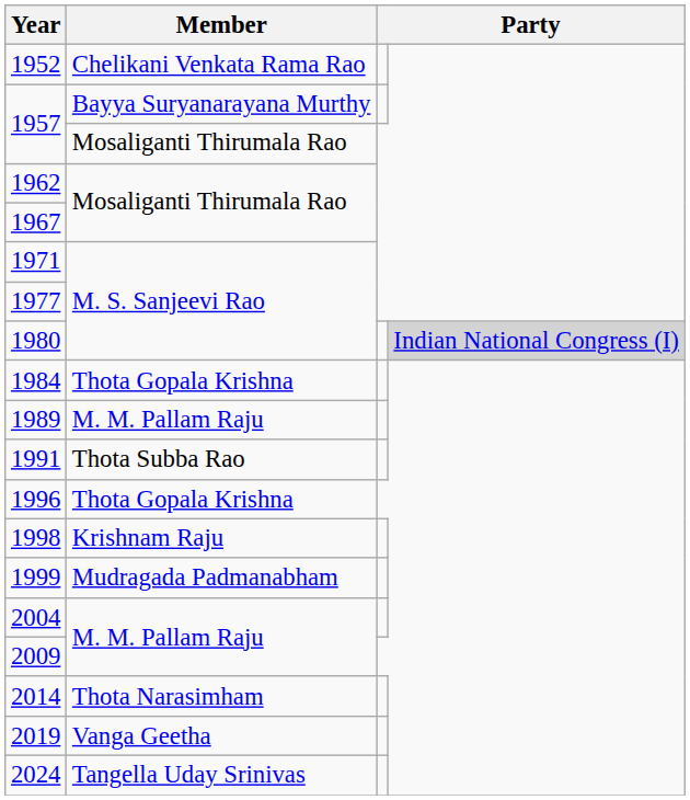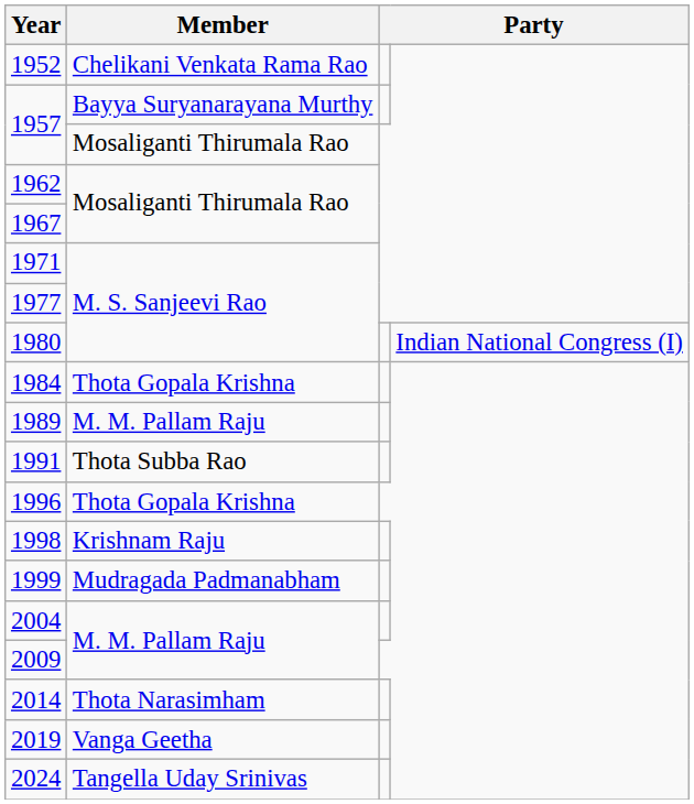 <table class="wikitable sortable">
 <tr>
 <th>Year</th>
 <th>Member</th>
 <th colspan="2">Party</th>
 </tr>
 <tr>
 <td><a href='#'>1952</a></td>
 <td><a href='#'>Chelikani Venkata Rama Rao</a></td>
 <td></td>
 </tr>
 <tr>
 <td rowspan="2"><a href='#'>1957</a></td>
 <td><a href='#'>Bayya Suryanarayana Murthy</a></td>
 <td></td>
 </tr>
 <tr>
 <td>Mosaliganti Thirumala Rao</td>
 </tr>
 <tr>
 <td><a href='#'>1962</a></td>
 <td rowspan="2">Mosaliganti Thirumala Rao</td>
 </tr>
 <tr>
 <td><a href='#'>1967</a></td>
 </tr>
 <tr>
 <td><a href='#'>1971</a></td>
 <td rowspan="3"><a href='#'>M. S. Sanjeevi Rao</a></td>
 </tr>
 <tr>
 <td><a href='#'>1977</a></td>
 </tr>
 <tr>
 <td><a href='#'>1980</a></td>
 <td style="background-color: "></td>
-<td style="background: lightgrey;"><a href='#'>Indian National Congress (I)</a></td>
+<td><a href='#'>Indian National Congress (I)</a></td>
 </tr>
 <tr>
 <td><a href='#'>1984</a></td>
 <td><a href='#'>Thota Gopala Krishna</a></td>
 <td></td>
 </tr>
 <tr>
 <td><a href='#'>1989</a></td>
 <td><a href='#'>M. M. Pallam Raju</a></td>
 <td></td>
 </tr>
 <tr>
 <td><a href='#'>1991</a></td>
 <td>Thota Subba Rao</td>
 <td></td>
 </tr>
 <tr>
 <td><a href='#'>1996</a></td>
 <td><a href='#'>Thota Gopala Krishna</a></td>
 </tr>
 <tr>
 <td><a href='#'>1998</a></td>
 <td><a href='#'>Krishnam Raju</a></td>
 <td></td>
 </tr>
 <tr>
 <td><a href='#'>1999</a></td>
 <td><a href='#'>Mudragada Padmanabham</a></td>
 <td></td>
 </tr>
 <tr>
 <td><a href='#'>2004</a></td>
 <td rowspan="2"><a href='#'>M. M. Pallam Raju</a></td>
 <td></td>
 </tr>
 <tr>
 <td><a href='#'>2009</a></td>
 </tr>
 <tr>
 <td><a href='#'>2014</a></td>
 <td><a href='#'>Thota Narasimham</a></td>
 <td></td>
 </tr>
 <tr>
 <td><a href='#'>2019</a></td>
 <td><a href='#'>Vanga Geetha</a></td>
 <td></td>
 </tr>
 <tr>
 <td><a href='#'>2024</a></td>
 <td><a href='#'>Tangella Uday Srinivas</a></td>
 <td></td>
 </tr>
 </table>
